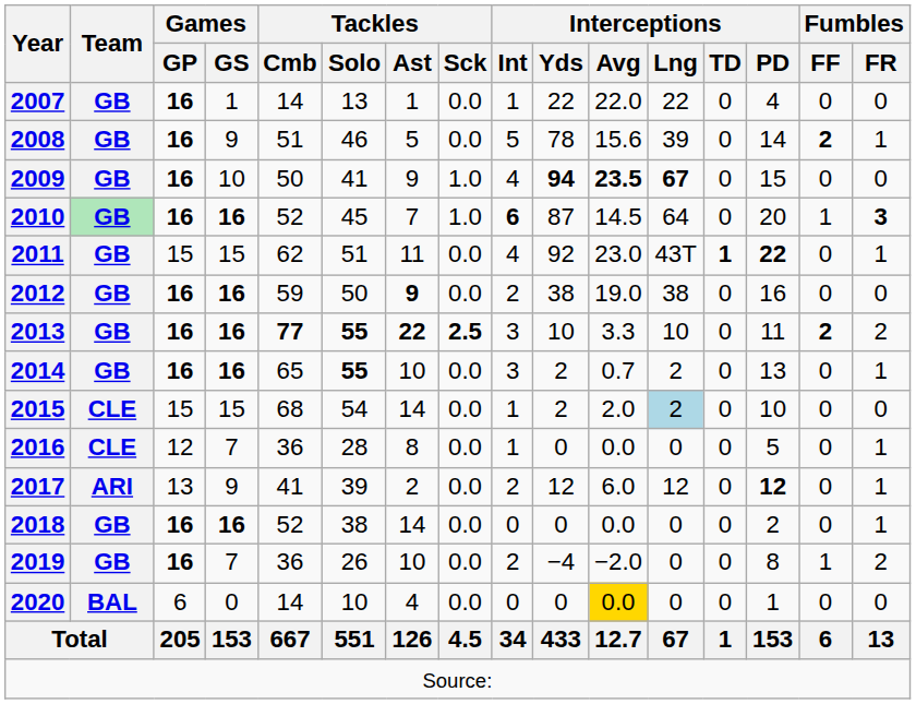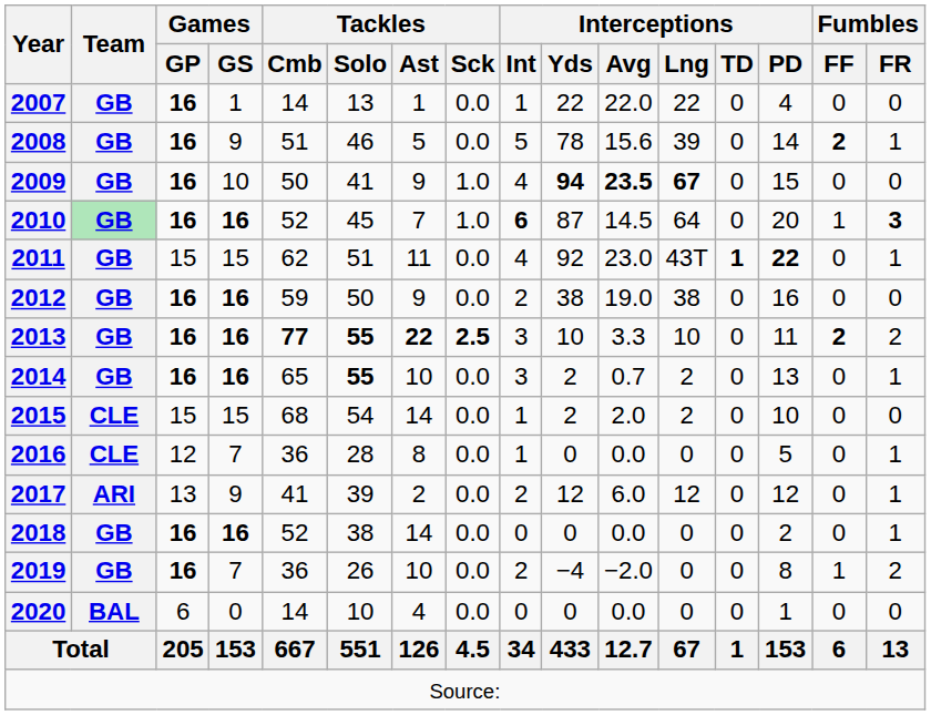 <table class="wikitable" style="text-align: center;">
 <tr>
 <th rowspan="2">Year</th>
 <th rowspan="2">Team</th>
 <th colspan="2">Games</th>
 <th colspan="4">Tackles</th>
 <th colspan="6">Interceptions</th>
 <th colspan="2">Fumbles</th>
 </tr>
 <tr>
 <th>GP</th>
 <th>GS</th>
 <th>Cmb</th>
 <th>Solo</th>
 <th>Ast</th>
 <th>Sck</th>
 <th>Int</th>
 <th>Yds</th>
 <th>Avg</th>
 <th>Lng</th>
 <th>TD</th>
 <th>PD</th>
 <th>FF</th>
 <th>FR</th>
 </tr>
 <tr>
 <th><a href='#'>2007</a></th>
 <th><a href='#'>GB</a></th>
 <td><strong>16</strong></td>
 <td>1</td>
 <td>14</td>
 <td>13</td>
 <td>1</td>
 <td>0.0</td>
 <td>1</td>
 <td>22</td>
 <td>22.0</td>
 <td>22</td>
 <td>0</td>
 <td>4</td>
 <td>0</td>
 <td>0</td>
 </tr>
 <tr>
 <th><a href='#'>2008</a></th>
 <th><a href='#'>GB</a></th>
 <td><strong>16</strong></td>
 <td>9</td>
 <td>51</td>
 <td>46</td>
 <td>5</td>
 <td>0.0</td>
 <td>5</td>
 <td>78</td>
 <td>15.6</td>
 <td>39</td>
 <td>0</td>
 <td>14</td>
 <td><strong>2</strong></td>
 <td>1</td>
 </tr>
 <tr>
 <th><a href='#'>2009</a></th>
 <th><a href='#'>GB</a></th>
 <td><strong>16</strong></td>
 <td>10</td>
 <td>50</td>
 <td>41</td>
 <td>9</td>
 <td>1.0</td>
 <td>4</td>
 <td><strong>94</strong></td>
 <td><strong>23.5</strong></td>
 <td><strong>67</strong></td>
 <td>0</td>
 <td>15</td>
 <td>0</td>
 <td>0</td>
 </tr>
 <tr>
 <th><a href='#'>2010</a></th>
 <th style="background:#afe6ba; width:3em;"><a href='#'>GB</a></th>
 <td><strong>16</strong></td>
 <td><strong>16</strong></td>
 <td>52</td>
 <td>45</td>
 <td>7</td>
 <td>1.0</td>
 <td><strong>6</strong></td>
 <td>87</td>
 <td>14.5</td>
 <td>64</td>
 <td>0</td>
 <td>20</td>
 <td>1</td>
 <td><strong>3</strong></td>
 </tr>
 <tr>
 <th><a href='#'>2011</a></th>
 <th><a href='#'>GB</a></th>
 <td>15</td>
 <td>15</td>
 <td>62</td>
 <td>51</td>
 <td>11</td>
 <td>0.0</td>
 <td>4</td>
 <td>92</td>
 <td>23.0</td>
 <td>43T</td>
 <td><strong>1</strong></td>
 <td><strong>22</strong></td>
 <td>0</td>
 <td>1</td>
 </tr>
 <tr>
 <th><a href='#'>2012</a></th>
 <th><a href='#'>GB</a></th>
 <td><strong>16</strong></td>
 <td><strong>16</strong></td>
 <td>59</td>
 <td>50</td>
-<td><strong>9</strong></td>
+<td>9</td>
 <td>0.0</td>
 <td>2</td>
 <td>38</td>
 <td>19.0</td>
 <td>38</td>
 <td>0</td>
 <td>16</td>
 <td>0</td>
 <td>0</td>
 </tr>
 <tr>
 <th><a href='#'>2013</a></th>
 <th><a href='#'>GB</a></th>
 <td><strong>16</strong></td>
 <td><strong>16</strong></td>
 <td><strong>77</strong></td>
 <td><strong>55</strong></td>
 <td><strong>22</strong></td>
 <td><strong>2.5</strong></td>
 <td>3</td>
 <td>10</td>
 <td>3.3</td>
 <td>10</td>
 <td>0</td>
 <td>11</td>
 <td><strong>2</strong></td>
 <td>2</td>
 </tr>
 <tr>
 <th><a href='#'>2014</a></th>
 <th><a href='#'>GB</a></th>
 <td><strong>16</strong></td>
 <td><strong>16</strong></td>
 <td>65</td>
 <td><strong>55</strong></td>
 <td>10</td>
 <td>0.0</td>
 <td>3</td>
 <td>2</td>
 <td>0.7</td>
 <td>2</td>
 <td>0</td>
 <td>13</td>
 <td>0</td>
 <td>1</td>
 </tr>
 <tr>
 <th><a href='#'>2015</a></th>
 <th><a href='#'>CLE</a></th>
 <td>15</td>
 <td>15</td>
 <td>68</td>
 <td>54</td>
 <td>14</td>
 <td>0.0</td>
 <td>1</td>
 <td>2</td>
 <td>2.0</td>
-<td style="background: lightblue;">2</td>
+<td>2</td>
 <td>0</td>
 <td>10</td>
 <td>0</td>
 <td>0</td>
 </tr>
 <tr>
 <th><a href='#'>2016</a></th>
 <th><a href='#'>CLE</a></th>
 <td>12</td>
 <td>7</td>
 <td>36</td>
 <td>28</td>
 <td>8</td>
 <td>0.0</td>
 <td>1</td>
 <td>0</td>
 <td>0.0</td>
 <td>0</td>
 <td>0</td>
 <td>5</td>
 <td>0</td>
 <td>1</td>
 </tr>
 <tr>
 <th><a href='#'>2017</a></th>
 <th><a href='#'>ARI</a></th>
 <td>13</td>
 <td>9</td>
 <td>41</td>
 <td>39</td>
 <td>2</td>
 <td>0.0</td>
 <td>2</td>
 <td>12</td>
 <td>6.0</td>
 <td>12</td>
 <td>0</td>
-<td><strong>12</strong></td>
+<td>12</td>
 <td>0</td>
 <td>1</td>
 </tr>
 <tr>
 <th><a href='#'>2018</a></th>
 <th><a href='#'>GB</a></th>
 <td><strong>16</strong></td>
 <td><strong>16</strong></td>
 <td>52</td>
 <td>38</td>
 <td>14</td>
 <td>0.0</td>
 <td>0</td>
 <td>0</td>
 <td>0.0</td>
 <td>0</td>
 <td>0</td>
 <td>2</td>
 <td>0</td>
 <td>1</td>
 </tr>
 <tr>
 <th><a href='#'>2019</a></th>
 <th><a href='#'>GB</a></th>
 <td><strong>16</strong></td>
 <td>7</td>
 <td>36</td>
 <td>26</td>
 <td>10</td>
 <td>0.0</td>
 <td>2</td>
 <td>−4</td>
 <td>−2.0</td>
 <td>0</td>
 <td>0</td>
 <td>8</td>
 <td>1</td>
 <td>2</td>
 </tr>
 <tr>
 <th><a href='#'>2020</a></th>
 <th><a href='#'>BAL</a></th>
 <td>6</td>
 <td>0</td>
 <td>14</td>
 <td>10</td>
 <td>4</td>
 <td>0.0</td>
 <td>0</td>
 <td>0</td>
-<td style="background: gold;">0.0</td>
+<td>0.0</td>
 <td>0</td>
 <td>0</td>
 <td>1</td>
 <td>0</td>
 <td>0</td>
 </tr>
 <tr>
 <th colspan="2">Total</th>
 <th>205</th>
 <th>153</th>
 <th>667</th>
 <th>551</th>
 <th>126</th>
 <th>4.5</th>
 <th>34</th>
 <th>433</th>
 <th>12.7</th>
 <th>67</th>
 <th>1</th>
 <th>153</th>
 <th>6</th>
 <th>13</th>
 </tr>
 <tr>
 <td colspan="17"><small>Source: </small></td>
 </tr>
 </table>
